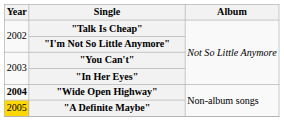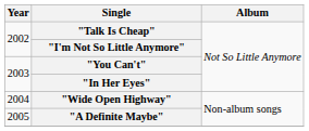 <table class="wikitable plainrowheaders" style="text-align:center;">
 <tr>
 <th>Year</th>
 <th style="width:15em;">Single</th>
 <th>Album</th>
 </tr>
 <tr>
 <td rowspan="2">2002</td>
 <th scope="row">"Talk Is Cheap"</th>
 <td align="left" rowspan="4"><em>Not So Little Anymore</em></td>
 </tr>
 <tr>
 <th scope="row">"I'm Not So Little Anymore"</th>
 </tr>
 <tr>
 <td rowspan="2">2003</td>
 <th scope="row">"You Can't"</th>
 </tr>
 <tr>
 <th scope="row">"In Her Eyes"</th>
 </tr>
 <tr>
-<td><strong>2004</strong></td>
+<td>2004</td>
 <th scope="row">"Wide Open Highway"</th>
 <td align="left" rowspan="2">Non-album songs</td>
 </tr>
 <tr>
-<td style="background: gold;">2005</td>
+<td>2005</td>
 <th scope="row">"A Definite Maybe"</th>
 </tr>
 <tr>
 </tr>
 </table>
